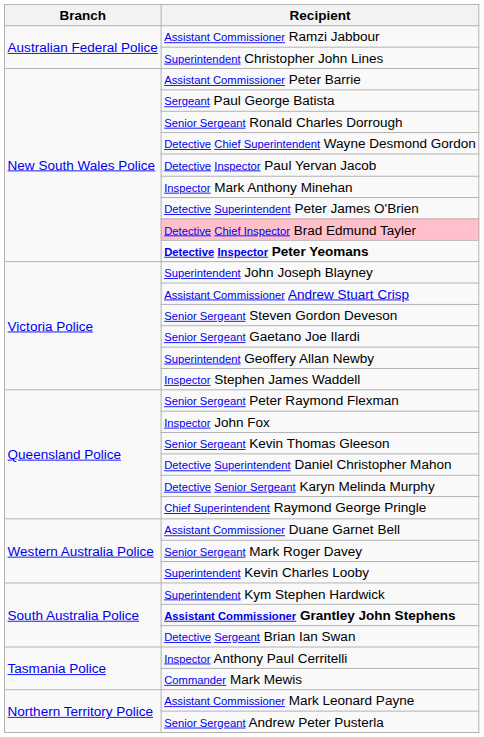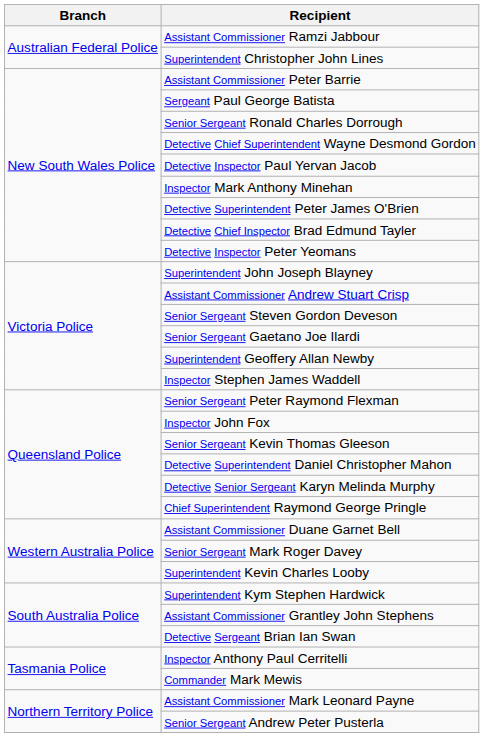 <table class="wikitable" style="font-size:95%;">
 <tr>
 <th>Branch</th>
 <th>Recipient</th>
 </tr>
 <tr>
 <td rowspan="2"><a href='#'>Australian Federal Police</a></td>
 <td><small><a href='#'>Assistant Commissioner</a></small> Ramzi Jabbour</td>
 </tr>
 <tr>
 <td><small><a href='#'>Superintendent</a></small> Christopher John Lines</td>
 </tr>
 <tr>
 <td rowspan="9"><a href='#'>New South Wales Police</a></td>
 <td><small><a href='#'>Assistant Commissioner</a></small> Peter Barrie</td>
 </tr>
 <tr>
 <td><small><a href='#'>Sergeant</a></small> Paul George Batista</td>
 </tr>
 <tr>
 <td><small><a href='#'>Senior Sergeant</a></small> Ronald Charles Dorrough</td>
 </tr>
 <tr>
 <td><small><a href='#'>Detective</a> <a href='#'>Chief Superintendent</a></small> Wayne Desmond Gordon</td>
 </tr>
 <tr>
 <td><small><a href='#'>Detective</a> <a href='#'>Inspector</a></small> Paul Yervan Jacob</td>
 </tr>
 <tr>
 <td><small><a href='#'>Inspector</a></small> Mark Anthony Minehan</td>
 </tr>
 <tr>
 <td><small><a href='#'>Detective</a> <a href='#'>Superintendent</a></small> Peter James O'Brien</td>
 </tr>
 <tr>
-<td style="background: pink;"><small><a href='#'>Detective</a> <a href='#'>Chief Inspector</a></small> Brad Edmund Tayler</td>
+<td><small><a href='#'>Detective</a> <a href='#'>Chief Inspector</a></small> Brad Edmund Tayler</td>
 </tr>
 <tr>
-<td><strong><small><a href='#'>Detective</a> <a href='#'>Inspector</a></small> Peter Yeomans</strong></td>
+<td><small><a href='#'>Detective</a> <a href='#'>Inspector</a></small> Peter Yeomans</td>
 </tr>
 <tr>
 <td rowspan="6"><a href='#'>Victoria Police</a></td>
 <td><small><a href='#'>Superintendent</a></small> John Joseph Blayney</td>
 </tr>
 <tr>
 <td><small><a href='#'>Assistant Commissioner</a></small> <a href='#'>Andrew Stuart Crisp</a></td>
 </tr>
 <tr>
 <td><small><a href='#'>Senior Sergeant</a></small> Steven Gordon Deveson</td>
 </tr>
 <tr>
 <td><small><a href='#'>Senior Sergeant</a></small> Gaetano Joe Ilardi</td>
 </tr>
 <tr>
 <td><small><a href='#'>Superintendent</a></small> Geoffery Allan Newby</td>
 </tr>
 <tr>
 <td><small><a href='#'>Inspector</a></small> Stephen James Waddell</td>
 </tr>
 <tr>
 <td rowspan="6"><a href='#'>Queensland Police</a></td>
 <td><small><a href='#'>Senior Sergeant</a></small> Peter Raymond Flexman</td>
 </tr>
 <tr>
 <td><small><a href='#'>Inspector</a></small> John Fox</td>
 </tr>
 <tr>
 <td><small><a href='#'>Senior Sergeant</a></small> Kevin Thomas Gleeson</td>
 </tr>
 <tr>
 <td><small><a href='#'>Detective</a> <a href='#'>Superintendent</a></small> Daniel Christopher Mahon</td>
 </tr>
 <tr>
 <td><small><a href='#'>Detective</a> <a href='#'>Senior Sergeant</a></small> Karyn Melinda Murphy</td>
 </tr>
 <tr>
 <td><small><a href='#'>Chief Superintendent</a></small> Raymond George Pringle</td>
 </tr>
 <tr>
 <td rowspan="3"><a href='#'>Western Australia Police</a></td>
 <td><small><a href='#'>Assistant Commissioner</a></small> Duane Garnet Bell</td>
 </tr>
 <tr>
 <td><small><a href='#'>Senior Sergeant</a></small> Mark Roger Davey</td>
 </tr>
 <tr>
 <td><small><a href='#'>Superintendent</a></small> Kevin Charles Looby</td>
 </tr>
 <tr>
 <td rowspan="3"><a href='#'>South Australia Police</a></td>
 <td><small><a href='#'>Superintendent</a></small> Kym Stephen Hardwick</td>
 </tr>
 <tr>
-<td><strong><small><a href='#'>Assistant Commissioner</a></small> Grantley John Stephens</strong></td>
+<td><small><a href='#'>Assistant Commissioner</a></small> Grantley John Stephens</td>
 </tr>
 <tr>
 <td><small><a href='#'>Detective</a> <a href='#'>Sergeant</a></small> Brian Ian Swan</td>
 </tr>
 <tr>
 <td rowspan="2"><a href='#'>Tasmania Police</a></td>
 <td><small><a href='#'>Inspector</a></small> Anthony Paul Cerritelli</td>
 </tr>
 <tr>
 <td><small><a href='#'>Commander</a></small> Mark Mewis</td>
 </tr>
 <tr>
 <td rowspan="2"><a href='#'>Northern Territory Police</a></td>
 <td><small><a href='#'>Assistant Commissioner</a></small> Mark Leonard Payne</td>
 </tr>
 <tr>
 <td><small><a href='#'>Senior Sergeant</a></small> Andrew Peter Pusterla</td>
 </tr>
 </table>
